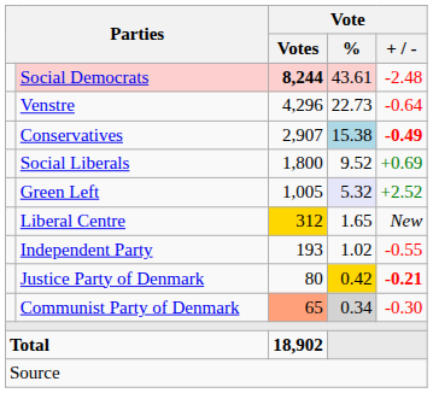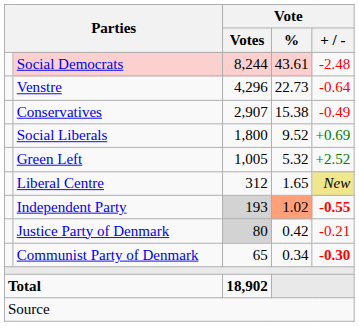 <table class="wikitable" style="text-align:right;">
 <tr>
 <th style="text-align:centre;" rowspan="2" colspan="2" width="225">Parties</th>
 <th colspan="3">Vote</th>
 </tr>
 <tr>
 <th width="15">Votes</th>
 <th width="15">%</th>
 <th width="15">+ / -</th>
 </tr>
 <tr>
 <td width="2" style="color:inherit;background:"></td>
 <td bgcolor=#fbd0ce  align="left"><a href='#'>Social Democrats</a></td>
-<td bgcolor=#fbd0ce><strong>8,244</strong></td>
+<td bgcolor=#fbd0ce>8,244</td>
 <td bgcolor=#fbd0ce>43.61</td>
 <td style=color:red;>-2.48</td>
 </tr>
 <tr>
 <td width="2" style="color:inherit;background:"></td>
 <td align="left"><a href='#'>Venstre</a></td>
 <td>4,296</td>
 <td>22.73</td>
 <td style=color:red;>-0.64</td>
 </tr>
 <tr>
 <td width="2" style="color:inherit;background:"></td>
 <td align="left"><a href='#'>Conservatives</a></td>
 <td>2,907</td>
-<td style="background: lightblue;">15.38</td>
-<td style=color:red;><strong>-0.49</strong></td>
+<td>15.38</td>
+<td style=color:red;>-0.49</td>
 </tr>
 <tr>
 <td width="2" style="color:inherit;background:"></td>
 <td align="left"><a href='#'>Social Liberals</a></td>
 <td>1,800</td>
 <td>9.52</td>
 <td style=color:green;>+0.69</td>
 </tr>
 <tr>
 <td width="2" style="color:inherit;background:"></td>
 <td align="left"><a href='#'>Green Left</a></td>
 <td>1,005</td>
-<td style="background: lavender;">5.32</td>
+<td>5.32</td>
 <td style=color:green;>+2.52</td>
 </tr>
 <tr>
 <td width="2" style="color:inherit;background:"></td>
 <td align="left"><a href='#'>Liberal Centre</a></td>
-<td style="background: gold;">312</td>
+<td>312</td>
 <td>1.65</td>
-<td><em>New</em></td>
+<td style="background: khaki;"><em>New</em></td>
 </tr>
 <tr>
 <td width="2" style="color:inherit;background:"></td>
 <td align="left"><a href='#'>Independent Party</a></td>
-<td>193</td>
-<td>1.02</td>
-<td style=color:red;>-0.55</td>
+<td style="background: lightgrey;">193</td>
+<td style="background: lightsalmon;">1.02</td>
+<td style=color:red;><strong>-0.55</strong></td>
 </tr>
 <tr>
 <td width="2" style="color:inherit;background:"></td>
 <td align="left"><a href='#'>Justice Party of Denmark</a></td>
-<td>80</td>
-<td style="background: gold;">0.42</td>
-<td style=color:red;><strong>-0.21</strong></td>
+<td style="background: lightgrey;">80</td>
+<td>0.42</td>
+<td style=color:red;>-0.21</td>
 </tr>
 <tr>
 <td width="2" style="color:inherit;background:"></td>
 <td align="left"><a href='#'>Communist Party of Denmark</a></td>
-<td style="background: lightsalmon;">65</td>
-<td style="background: lightgrey;">0.34</td>
-<td style=color:red;>-0.30</td>
+<td>65</td>
+<td>0.34</td>
+<td style=color:red;><strong>-0.30</strong></td>
 </tr>
 <tr>
 <td colspan="7" bgcolor="#E9E9E9"></td>
 </tr>
 <tr>
 <td align="left" colspan="2"><strong>Total</strong></td>
 <td><strong>18,902</strong></td>
 <td bgcolor="#E9E9E9" colspan="2"></td>
 </tr>
 <tr>
 <td align="left" colspan="6">Source</td>
 </tr>
 </table>
